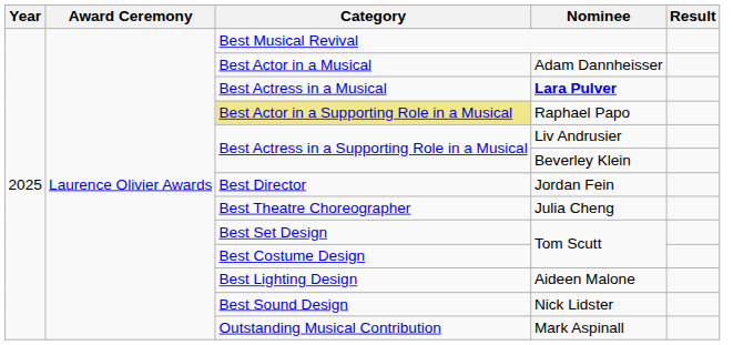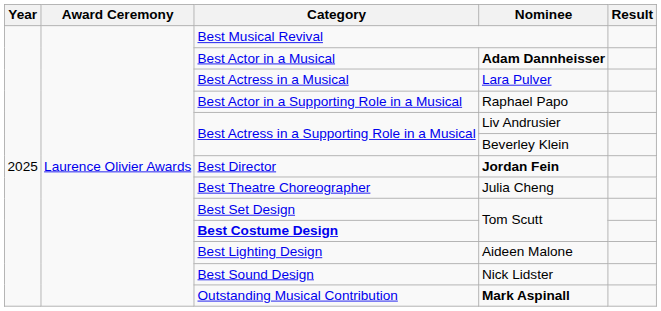 <table class="wikitable">
 <tr>
 <th>Year</th>
 <th>Award Ceremony</th>
 <th>Category</th>
 <th>Nominee</th>
 <th>Result</th>
 </tr>
 <tr>
 <td rowspan="13">2025</td>
 <td rowspan="13"><a href='#'>Laurence Olivier Awards</a></td>
 <td colspan="2"><a href='#'>Best Musical Revival</a></td>
 <td></td>
 </tr>
 <tr>
 <td><a href='#'>Best Actor in a Musical</a></td>
-<td>Adam Dannheisser</td>
+<td><strong>Adam Dannheisser</strong></td>
 <td></td>
 </tr>
 <tr>
 <td><a href='#'>Best Actress in a Musical</a></td>
-<td><strong><a href='#'>Lara Pulver</a></strong></td>
+<td><a href='#'>Lara Pulver</a></td>
 <td></td>
 </tr>
 <tr>
-<td style="background: khaki;"><a href='#'>Best Actor in a Supporting Role in a Musical</a></td>
+<td><a href='#'>Best Actor in a Supporting Role in a Musical</a></td>
 <td>Raphael Papo</td>
 <td></td>
 </tr>
 <tr>
 <td rowspan="2"><a href='#'>Best Actress in a Supporting Role in a Musical</a></td>
 <td>Liv Andrusier</td>
 <td></td>
 </tr>
 <tr>
 <td>Beverley Klein</td>
 <td></td>
 </tr>
 <tr>
 <td><a href='#'>Best Director</a></td>
-<td>Jordan Fein</td>
+<td><strong>Jordan Fein</strong></td>
 <td></td>
 </tr>
 <tr>
 <td><a href='#'>Best Theatre Choreographer</a></td>
 <td>Julia Cheng</td>
 <td></td>
 </tr>
 <tr>
 <td><a href='#'>Best Set Design</a></td>
 <td rowspan="2">Tom Scutt</td>
 <td></td>
 </tr>
 <tr>
-<td><a href='#'>Best Costume Design</a></td>
+<td><strong><a href='#'>Best Costume Design</a></strong></td>
 <td></td>
 </tr>
 <tr>
 <td><a href='#'>Best Lighting Design</a></td>
 <td>Aideen Malone</td>
 <td></td>
 </tr>
 <tr>
 <td><a href='#'>Best Sound Design</a></td>
 <td>Nick Lidster</td>
 <td></td>
 </tr>
 <tr>
 <td><a href='#'>Outstanding Musical Contribution</a></td>
-<td>Mark Aspinall</td>
+<td><strong>Mark Aspinall</strong></td>
 <td></td>
 </tr>
 </table>
